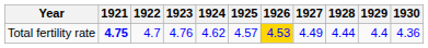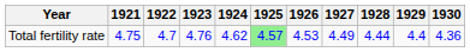 <table class="wikitable " style="text-align:right">
 <tr>
 <th>Year</th>
 <th>1921</th>
 <th>1922</th>
 <th>1923</th>
 <th>1924</th>
 <th>1925</th>
 <th>1926</th>
 <th>1927</th>
 <th>1928</th>
 <th>1929</th>
 <th>1930</th>
 </tr>
 <tr>
 <td align="left">Total fertility rate</td>
-<td style="text-align:right; color:blue;"><strong>4.75</strong></td>
+<td style="text-align:right; color:blue;">4.75</td>
 <td style="text-align:right; color:blue;">4.7</td>
 <td style="text-align:right; color:blue;">4.76</td>
 <td style="text-align:right; color:blue;">4.62</td>
-<td style="text-align:right; color:blue;">4.57</td>
-<td style="background: gold; text-align:right; color:blue;">4.53</td>
+<td style="background: lightgreen; text-align:right; color:blue;">4.57</td>
+<td style="text-align:right; color:blue;">4.53</td>
 <td style="text-align:right; color:blue;">4.49</td>
 <td style="text-align:right; color:blue;">4.44</td>
 <td style="text-align:right; color:blue;">4.4</td>
 <td style="text-align:right; color:blue;">4.36</td>
 </tr>
 </table>
